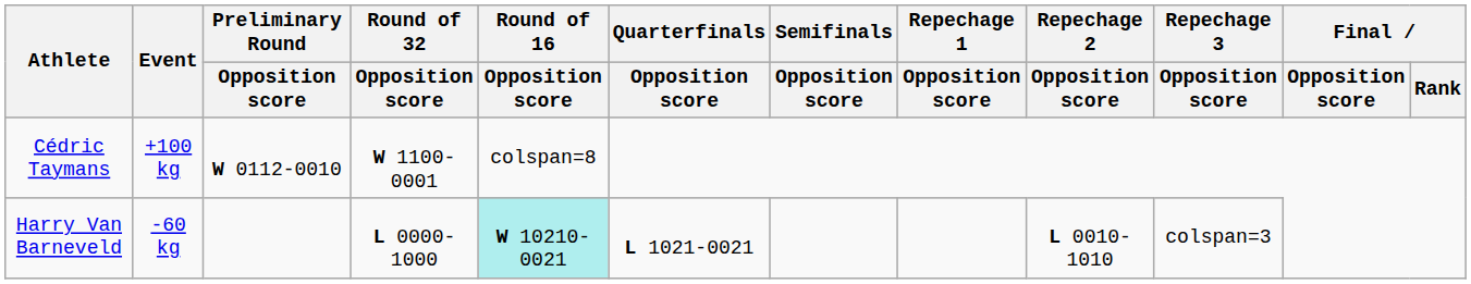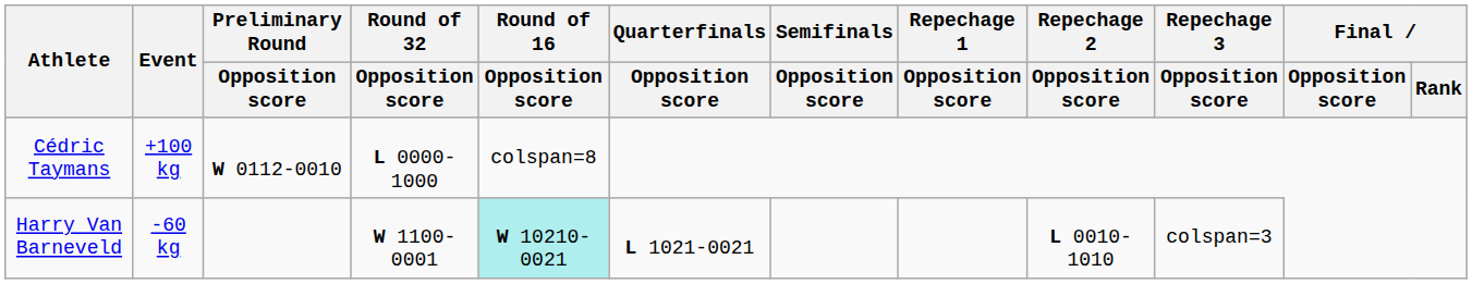 <table class=wikitable style="font-size:90%">
 <tr>
 <th rowspan=2>Athlete</th>
 <th rowspan=2>Event</th>
 <th>Preliminary Round</th>
 <th>Round of 32</th>
 <th>Round of 16</th>
 <th>Quarterfinals</th>
 <th>Semifinals</th>
 <th>Repechage 1</th>
 <th>Repechage 2</th>
 <th>Repechage 3</th>
 <th colspan=2>Final / </th>
 </tr>
 <tr>
 <th>Opposition<br> score</th>
 <th>Opposition<br> score</th>
 <th>Opposition<br> score</th>
 <th>Opposition<br> score</th>
 <th>Opposition<br> score</th>
 <th>Opposition<br> score</th>
 <th>Opposition<br> score</th>
 <th>Opposition<br> score</th>
 <th>Opposition<br> score</th>
 <th>Rank</th>
 </tr>
 <tr align=center>
 <td><a href='#'>Cédric Taymans</a></td>
 <td><a href='#'>+100 kg</a></td>
 <td> <br> <strong>W</strong> 0112-0010</td>
-<td> <br> <strong>W</strong> 1100-0001</td>
+<td> <br> <strong>L</strong> 0000-1000</td>
 <td>colspan=8 </td>
 </tr>
 <tr align=center>
 <td><a href='#'>Harry Van Barneveld</a></td>
 <td><a href='#'>-60 kg</a></td>
 <td></td>
-<td> <br> <strong>L</strong> 0000-1000</td>
+<td> <br> <strong>W</strong> 1100-0001</td>
 <td style="background: paleturquoise;"> <br> <strong>W</strong> 10210-0021</td>
 <td> <br> <strong>L</strong> 1021-0021</td>
 <td></td>
 <td></td>
 <td> <br> <strong>L</strong> 0010-1010</td>
 <td>colspan=3 </td>
 </tr>
 </table>
